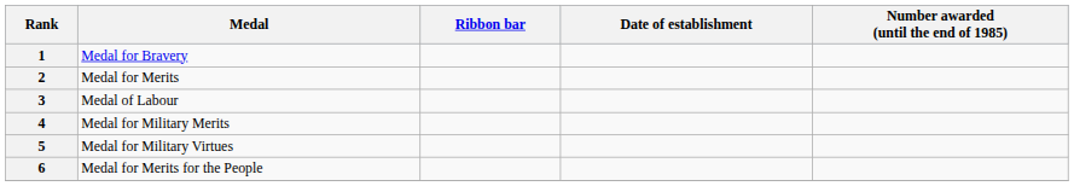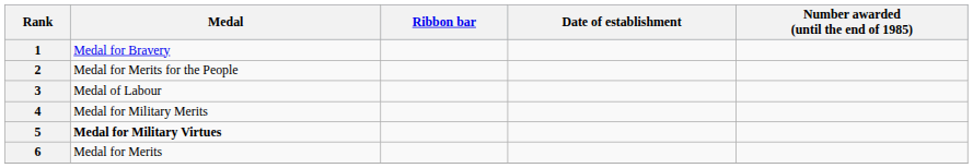 <table class="wikitable" width="60%">
 <tr align="center" bgcolor="lightsteelblue" width="100%">
 <th>Rank</th>
 <th>Medal</th>
 <th><a href='#'>Ribbon bar</a></th>
 <th>Date of establishment</th>
 <th>Number awarded<br>(until the end of 1985)</th>
 </tr>
 <tr>
 <th>1</th>
 <td><a href='#'>Medal for Bravery</a></td>
 <td></td>
 <td></td>
 <td></td>
 </tr>
 <tr>
 <th>2</th>
-<td>Medal for Merits</td>
+<td>Medal for Merits for the People</td>
 <td></td>
 <td></td>
 <td></td>
 </tr>
 <tr>
 <th>3</th>
 <td>Medal of Labour</td>
 <td></td>
 <td></td>
 <td></td>
 </tr>
 <tr>
 <th>4</th>
 <td>Medal for Military Merits</td>
 <td></td>
 <td></td>
 <td></td>
 </tr>
 <tr>
 <th>5</th>
-<td>Medal for Military Virtues</td>
+<td><strong>Medal for Military Virtues</strong></td>
 <td></td>
 <td></td>
 <td></td>
 </tr>
 <tr>
 <th>6</th>
-<td>Medal for Merits for the People</td>
+<td>Medal for Merits</td>
 <td></td>
 <td></td>
 <td></td>
 </tr>
 <tr>
 </tr>
 </table>
